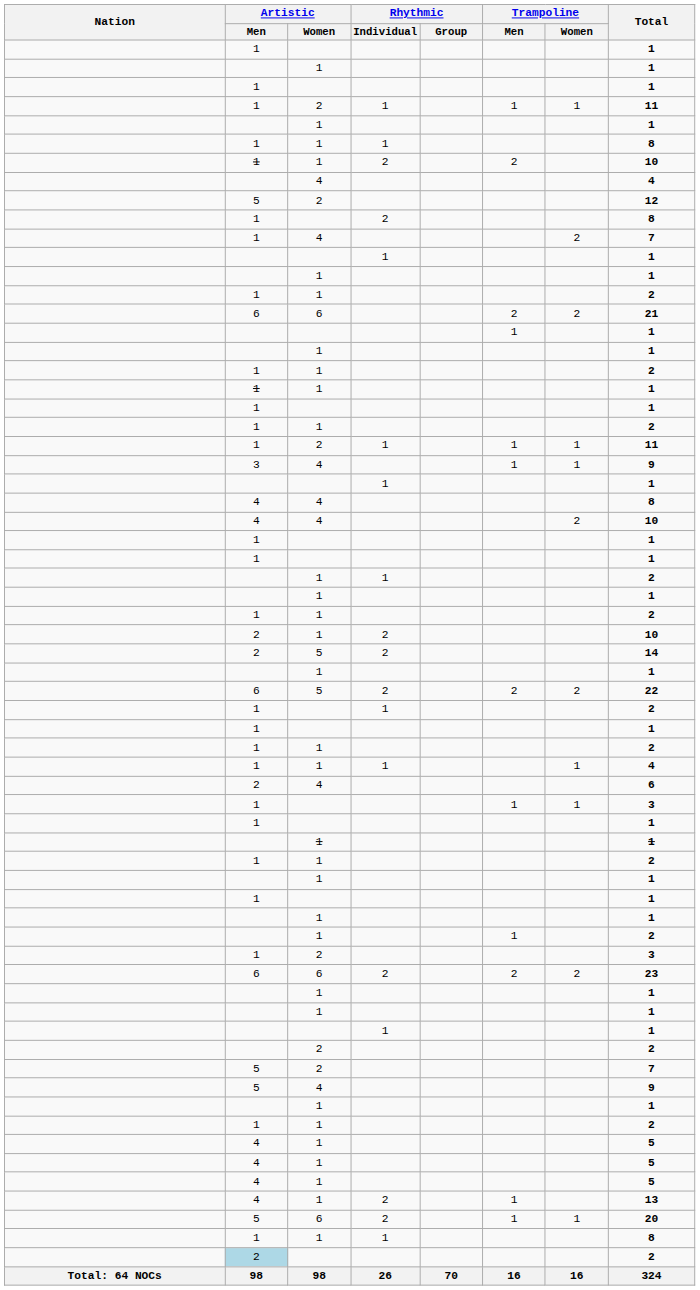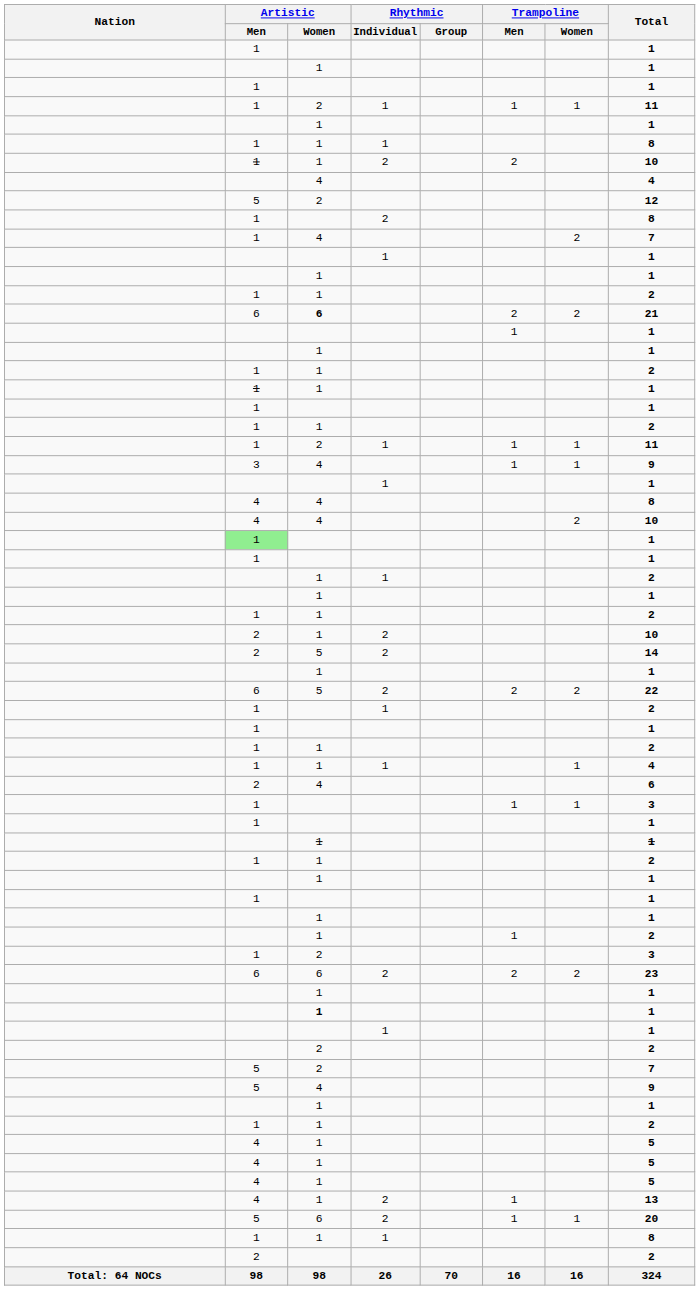 <table class="wikitable sortable"  style="width:720px; text-align:center; font-size:90%;">
 <tr>
 <th rowspan="2">Nation</th>
 <th colspan="2"><a href='#'>Artistic</a></th>
 <th colspan="2"><a href='#'>Rhythmic</a></th>
 <th colspan=2><a href='#'>Trampoline</a></th>
 <th rowspan="2">Total</th>
 </tr>
 <tr style="font-size:95%;">
 <th width=60>Men</th>
 <th width=60>Women</th>
 <th width=60>Individual</th>
 <th width=60>Group</th>
 <th width=60>Men</th>
 <th width=60>Women</th>
 </tr>
 <tr>
 <td align="left"></td>
 <td>1</td>
 <td></td>
 <td></td>
 <td></td>
 <td></td>
 <td></td>
 <td><strong>1</strong></td>
 </tr>
 <tr>
 <td align="left"></td>
 <td></td>
 <td>1</td>
 <td></td>
 <td></td>
 <td></td>
 <td></td>
 <td><strong>1</strong></td>
 </tr>
 <tr>
 <td align="left"></td>
 <td>1</td>
 <td></td>
 <td></td>
 <td></td>
 <td></td>
 <td></td>
 <td><strong>1</strong></td>
 </tr>
 <tr>
 <td align="left"></td>
 <td>1</td>
 <td>2</td>
 <td>1</td>
 <td></td>
 <td>1</td>
 <td>1</td>
 <td><strong>11</strong></td>
 </tr>
 <tr>
 <td align="left"></td>
 <td></td>
 <td>1</td>
 <td></td>
 <td></td>
 <td></td>
 <td></td>
 <td><strong>1</strong></td>
 </tr>
 <tr>
 <td align="left"></td>
 <td>1</td>
 <td>1</td>
 <td>1</td>
 <td></td>
 <td></td>
 <td></td>
 <td><strong>8</strong></td>
 </tr>
 <tr>
 <td align="left"></td>
 <td><s>1</s></td>
 <td>1</td>
 <td>2</td>
 <td></td>
 <td>2</td>
 <td></td>
 <td><strong>10</strong></td>
 </tr>
 <tr>
 <td align="left"></td>
 <td></td>
 <td>4</td>
 <td></td>
 <td></td>
 <td></td>
 <td></td>
 <td><strong>4</strong></td>
 </tr>
 <tr>
 <td align="left"></td>
 <td>5</td>
 <td>2</td>
 <td></td>
 <td></td>
 <td></td>
 <td></td>
 <td><strong>12</strong></td>
 </tr>
 <tr>
 <td align="left"></td>
 <td>1</td>
 <td></td>
 <td>2</td>
 <td></td>
 <td></td>
 <td></td>
 <td><strong>8</strong></td>
 </tr>
 <tr>
 <td align="left"></td>
 <td>1</td>
 <td>4</td>
 <td></td>
 <td></td>
 <td></td>
 <td>2</td>
 <td><strong>7</strong></td>
 </tr>
 <tr>
 <td align="left"></td>
 <td></td>
 <td></td>
 <td>1</td>
 <td></td>
 <td></td>
 <td></td>
 <td><strong>1</strong></td>
 </tr>
 <tr>
 <td align="left"></td>
 <td></td>
 <td>1</td>
 <td></td>
 <td></td>
 <td></td>
 <td></td>
 <td><strong>1</strong></td>
 </tr>
 <tr>
 <td align="left"></td>
 <td>1</td>
 <td>1</td>
 <td></td>
 <td></td>
 <td></td>
 <td></td>
 <td><strong>2</strong></td>
 </tr>
 <tr>
 <td align="left"></td>
 <td>6</td>
-<td>6</td>
+<td><strong>6</strong></td>
 <td></td>
 <td></td>
 <td>2</td>
 <td>2</td>
 <td><strong>21</strong></td>
 </tr>
 <tr>
 <td align="left"></td>
 <td></td>
 <td></td>
 <td></td>
 <td></td>
 <td>1</td>
 <td></td>
 <td><strong>1</strong></td>
 </tr>
 <tr>
 <td align="left"></td>
 <td></td>
 <td>1</td>
 <td></td>
 <td></td>
 <td></td>
 <td></td>
 <td><strong>1</strong></td>
 </tr>
 <tr>
 <td align="left"></td>
 <td>1</td>
 <td>1</td>
 <td></td>
 <td></td>
 <td></td>
 <td></td>
 <td><strong>2</strong></td>
 </tr>
 <tr>
 <td align="left"></td>
 <td><s>1</s></td>
 <td>1</td>
 <td></td>
 <td></td>
 <td></td>
 <td></td>
 <td><strong>1</strong></td>
 </tr>
 <tr>
 <td align="left"></td>
 <td>1</td>
 <td></td>
 <td></td>
 <td></td>
 <td></td>
 <td></td>
 <td><strong>1</strong></td>
 </tr>
 <tr>
 <td align="left"></td>
 <td>1</td>
 <td>1</td>
 <td></td>
 <td></td>
 <td></td>
 <td></td>
 <td><strong>2</strong></td>
 </tr>
 <tr>
 <td align="left"></td>
 <td>1</td>
 <td>2</td>
 <td>1</td>
 <td></td>
 <td>1</td>
 <td>1</td>
 <td><strong>11</strong></td>
 </tr>
 <tr>
 <td align="left"></td>
 <td>3</td>
 <td>4</td>
 <td></td>
 <td></td>
 <td>1</td>
 <td>1</td>
 <td><strong>9</strong></td>
 </tr>
 <tr>
 <td align="left"></td>
 <td></td>
 <td></td>
 <td>1</td>
 <td></td>
 <td></td>
 <td></td>
 <td><strong>1</strong></td>
 </tr>
 <tr>
 <td align="left"></td>
 <td>4</td>
 <td>4</td>
 <td></td>
 <td></td>
 <td></td>
 <td></td>
 <td><strong>8</strong></td>
 </tr>
 <tr>
 <td align="left"></td>
 <td>4</td>
 <td>4</td>
 <td></td>
 <td></td>
 <td></td>
 <td>2</td>
 <td><strong>10</strong></td>
 </tr>
 <tr>
 <td align="left"></td>
-<td>1</td>
+<td style="background: lightgreen;">1</td>
 <td></td>
 <td></td>
 <td></td>
 <td></td>
 <td></td>
 <td><strong>1</strong></td>
 </tr>
 <tr>
 <td align="left"></td>
 <td>1</td>
 <td></td>
 <td></td>
 <td></td>
 <td></td>
 <td></td>
 <td><strong>1</strong></td>
 </tr>
 <tr>
 <td align="left"></td>
 <td></td>
 <td>1</td>
 <td>1</td>
 <td></td>
 <td></td>
 <td></td>
 <td><strong>2</strong></td>
 </tr>
 <tr>
 <td align="left"></td>
 <td></td>
 <td>1</td>
 <td></td>
 <td></td>
 <td></td>
 <td></td>
 <td><strong>1</strong></td>
 </tr>
 <tr>
 <td align="left"></td>
 <td>1</td>
 <td>1</td>
 <td></td>
 <td></td>
 <td></td>
 <td></td>
 <td><strong>2</strong></td>
 </tr>
 <tr>
 <td align="left"></td>
 <td>2</td>
 <td>1</td>
 <td>2</td>
 <td></td>
 <td></td>
 <td></td>
 <td><strong>10</strong></td>
 </tr>
 <tr>
 <td align="left"></td>
 <td>2</td>
 <td>5</td>
 <td>2</td>
 <td></td>
 <td></td>
 <td></td>
 <td><strong>14</strong></td>
 </tr>
 <tr>
 <td align="left"></td>
 <td></td>
 <td>1</td>
 <td></td>
 <td></td>
 <td></td>
 <td></td>
 <td><strong>1</strong></td>
 </tr>
 <tr>
 <td align="left"></td>
 <td>6</td>
 <td>5</td>
 <td>2</td>
 <td></td>
 <td>2</td>
 <td>2</td>
 <td><strong>22</strong></td>
 </tr>
 <tr>
 <td align="left"></td>
 <td>1</td>
 <td></td>
 <td>1</td>
 <td></td>
 <td></td>
 <td></td>
 <td><strong>2</strong></td>
 </tr>
 <tr>
 <td align="left"></td>
 <td>1</td>
 <td></td>
 <td></td>
 <td></td>
 <td></td>
 <td></td>
 <td><strong>1</strong></td>
 </tr>
 <tr>
 <td align="left"></td>
 <td>1</td>
 <td>1</td>
 <td></td>
 <td></td>
 <td></td>
 <td></td>
 <td><strong>2</strong></td>
 </tr>
 <tr>
 <td align="left"></td>
 <td>1</td>
 <td>1</td>
 <td>1</td>
 <td></td>
 <td></td>
 <td>1</td>
 <td><strong>4</strong></td>
 </tr>
 <tr>
 <td align="left"></td>
 <td>2</td>
 <td>4</td>
 <td></td>
 <td></td>
 <td></td>
 <td></td>
 <td><strong>6</strong></td>
 </tr>
 <tr>
 <td align="left"></td>
 <td>1</td>
 <td></td>
 <td></td>
 <td></td>
 <td>1</td>
 <td>1</td>
 <td><strong>3</strong></td>
 </tr>
 <tr>
 <td align="left"></td>
 <td>1</td>
 <td></td>
 <td></td>
 <td></td>
 <td></td>
 <td></td>
 <td><strong>1</strong></td>
 </tr>
 <tr>
 <td align="left"><s></s></td>
 <td></td>
 <td><s>1</s></td>
 <td></td>
 <td></td>
 <td></td>
 <td></td>
 <td><strong><s>1</s> </strong></td>
 </tr>
 <tr>
 <td align="left"></td>
 <td>1</td>
 <td>1</td>
 <td></td>
 <td></td>
 <td></td>
 <td></td>
 <td><strong>2</strong></td>
 </tr>
 <tr>
 <td align="left"></td>
 <td></td>
 <td>1</td>
 <td></td>
 <td></td>
 <td></td>
 <td></td>
 <td><strong>1</strong></td>
 </tr>
 <tr>
 <td align="left"></td>
 <td>1</td>
 <td></td>
 <td></td>
 <td></td>
 <td></td>
 <td></td>
 <td><strong>1</strong></td>
 </tr>
 <tr>
 <td align="left"></td>
 <td></td>
 <td>1</td>
 <td></td>
 <td></td>
 <td></td>
 <td></td>
 <td><strong>1</strong></td>
 </tr>
 <tr>
 <td align="left"></td>
 <td></td>
 <td>1</td>
 <td></td>
 <td></td>
 <td>1</td>
 <td></td>
 <td><strong>2</strong></td>
 </tr>
 <tr>
 <td align="left"></td>
 <td>1</td>
 <td>2</td>
 <td></td>
 <td></td>
 <td></td>
 <td></td>
 <td><strong>3</strong></td>
 </tr>
 <tr>
 <td align="left"></td>
 <td>6</td>
 <td>6</td>
 <td>2</td>
 <td></td>
 <td>2</td>
 <td>2</td>
 <td><strong>23</strong></td>
 </tr>
 <tr>
 <td align="left"></td>
 <td></td>
 <td>1</td>
 <td></td>
 <td></td>
 <td></td>
 <td></td>
 <td><strong>1</strong></td>
 </tr>
 <tr>
 <td align="left"></td>
 <td></td>
-<td>1</td>
+<td><strong>1</strong></td>
 <td></td>
 <td></td>
 <td></td>
 <td></td>
 <td><strong>1</strong></td>
 </tr>
 <tr>
 <td align="left"></td>
 <td></td>
 <td></td>
 <td>1</td>
 <td></td>
 <td></td>
 <td></td>
 <td><strong>1</strong></td>
 </tr>
 <tr>
 <td align="left"></td>
 <td></td>
 <td>2</td>
 <td></td>
 <td></td>
 <td></td>
 <td></td>
 <td><strong>2</strong></td>
 </tr>
 <tr>
 <td align="left"></td>
 <td>5</td>
 <td>2</td>
 <td></td>
 <td></td>
 <td></td>
 <td></td>
 <td><strong>7</strong></td>
 </tr>
 <tr>
 <td align="left"></td>
 <td>5</td>
 <td>4</td>
 <td></td>
 <td></td>
 <td></td>
 <td></td>
 <td><strong>9</strong></td>
 </tr>
 <tr>
 <td align="left"></td>
 <td></td>
 <td>1</td>
 <td></td>
 <td></td>
 <td></td>
 <td></td>
 <td><strong>1</strong></td>
 </tr>
 <tr>
 <td align="left"></td>
 <td>1</td>
 <td>1</td>
 <td></td>
 <td></td>
 <td></td>
 <td></td>
 <td><strong>2</strong></td>
 </tr>
 <tr>
 <td align="left"></td>
 <td>4</td>
 <td>1</td>
 <td></td>
 <td></td>
 <td></td>
 <td></td>
 <td><strong>5</strong></td>
 </tr>
 <tr>
 <td align="left"></td>
 <td>4</td>
 <td>1</td>
 <td></td>
 <td></td>
 <td></td>
 <td></td>
 <td><strong>5</strong></td>
 </tr>
 <tr>
 <td align="left"></td>
 <td>4</td>
 <td>1</td>
 <td></td>
 <td></td>
 <td></td>
 <td></td>
 <td><strong>5</strong></td>
 </tr>
 <tr>
 <td align="left"></td>
 <td>4</td>
 <td>1</td>
 <td>2</td>
 <td></td>
 <td>1</td>
 <td></td>
 <td><strong>13</strong></td>
 </tr>
 <tr>
 <td align="left"></td>
 <td>5</td>
 <td>6</td>
 <td>2</td>
 <td></td>
 <td>1</td>
 <td>1</td>
 <td><strong>20</strong></td>
 </tr>
 <tr>
 <td align="left"></td>
 <td>1</td>
 <td>1</td>
 <td>1</td>
 <td></td>
 <td></td>
 <td></td>
 <td><strong>8</strong></td>
 </tr>
 <tr>
 <td align="left"></td>
-<td style="background: lightblue;">2</td>
+<td>2</td>
 <td></td>
 <td></td>
 <td></td>
 <td></td>
 <td></td>
 <td><strong>2</strong></td>
 </tr>
 <tr>
 <th>Total: 64 NOCs</th>
 <th>98</th>
 <th>98</th>
 <th>26</th>
 <th>70</th>
 <th>16</th>
 <th>16</th>
 <th>324</th>
 </tr>
 </table>
